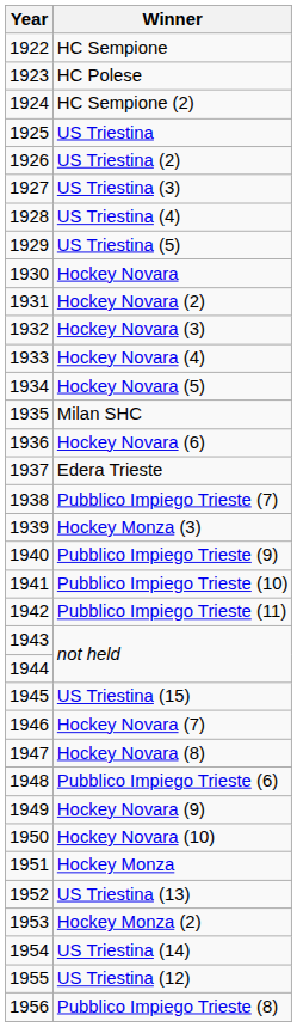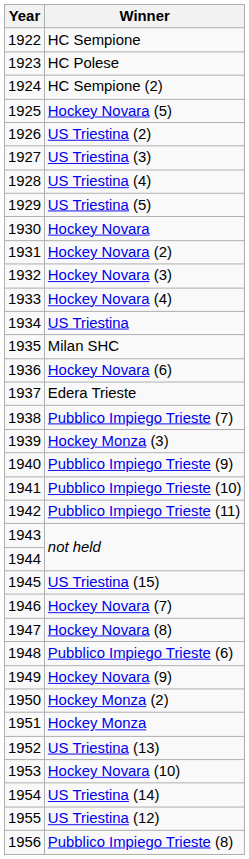 <table class="wikitable sortable">
 <tr>
 <th>Year</th>
 <th>Winner</th>
 </tr>
 <tr>
 <td>1922</td>
 <td>HC Sempione</td>
 </tr>
 <tr>
 <td>1923</td>
 <td>HC Polese</td>
 </tr>
 <tr>
 <td>1924</td>
 <td>HC Sempione (2)</td>
 </tr>
 <tr>
 <td>1925</td>
-<td><a href='#'>US Triestina</a></td>
+<td><a href='#'>Hockey Novara</a> (5)</td>
 </tr>
 <tr>
 <td>1926</td>
 <td><a href='#'>US Triestina</a> (2)</td>
 </tr>
 <tr>
 <td>1927</td>
 <td><a href='#'>US Triestina</a> (3)</td>
 </tr>
 <tr>
 <td>1928</td>
 <td><a href='#'>US Triestina</a> (4)</td>
 </tr>
 <tr>
 <td>1929</td>
 <td><a href='#'>US Triestina</a> (5)</td>
 </tr>
 <tr>
 <td>1930</td>
 <td><a href='#'>Hockey Novara</a></td>
 </tr>
 <tr>
 <td>1931</td>
 <td><a href='#'>Hockey Novara</a> (2)</td>
 </tr>
 <tr>
 <td>1932</td>
 <td><a href='#'>Hockey Novara</a> (3)</td>
 </tr>
 <tr>
 <td>1933</td>
 <td><a href='#'>Hockey Novara</a> (4)</td>
 </tr>
 <tr>
 <td>1934</td>
-<td><a href='#'>Hockey Novara</a> (5)</td>
+<td><a href='#'>US Triestina</a></td>
 </tr>
 <tr>
 <td>1935</td>
 <td>Milan SHC</td>
 </tr>
 <tr>
 <td>1936</td>
 <td><a href='#'>Hockey Novara</a> (6)</td>
 </tr>
 <tr>
 <td>1937</td>
 <td>Edera Trieste</td>
 </tr>
 <tr>
 <td>1938</td>
 <td><a href='#'>Pubblico Impiego Trieste</a> (7)</td>
 </tr>
 <tr>
 <td>1939</td>
 <td><a href='#'>Hockey Monza</a> (3)</td>
 </tr>
 <tr>
 <td>1940</td>
 <td><a href='#'>Pubblico Impiego Trieste</a> (9)</td>
 </tr>
 <tr>
 <td>1941</td>
 <td><a href='#'>Pubblico Impiego Trieste</a> (10)</td>
 </tr>
 <tr>
 <td>1942</td>
 <td><a href='#'>Pubblico Impiego Trieste</a> (11)</td>
 </tr>
 <tr>
 <td>1943</td>
 <td rowspan=2><em>not held</em></td>
 </tr>
 <tr>
 <td>1944</td>
 </tr>
 <tr>
 <td>1945</td>
 <td><a href='#'>US Triestina</a> (15)</td>
 </tr>
 <tr>
 <td>1946</td>
 <td><a href='#'>Hockey Novara</a> (7)</td>
 </tr>
 <tr>
 <td>1947</td>
 <td><a href='#'>Hockey Novara</a> (8)</td>
 </tr>
 <tr>
 <td>1948</td>
 <td><a href='#'>Pubblico Impiego Trieste</a> (6)</td>
 </tr>
 <tr>
 <td>1949</td>
 <td><a href='#'>Hockey Novara</a> (9)</td>
 </tr>
 <tr>
 <td>1950</td>
-<td><a href='#'>Hockey Novara</a> (10)</td>
+<td><a href='#'>Hockey Monza</a> (2)</td>
 </tr>
 <tr>
 <td>1951</td>
 <td><a href='#'>Hockey Monza</a></td>
 </tr>
 <tr>
 <td>1952</td>
 <td><a href='#'>US Triestina</a> (13)</td>
 </tr>
 <tr>
 <td>1953</td>
-<td><a href='#'>Hockey Monza</a> (2)</td>
+<td><a href='#'>Hockey Novara</a> (10)</td>
 </tr>
 <tr>
 <td>1954</td>
 <td><a href='#'>US Triestina</a> (14)</td>
 </tr>
 <tr>
 <td>1955</td>
 <td><a href='#'>US Triestina</a> (12)</td>
 </tr>
 <tr>
 <td>1956</td>
 <td><a href='#'>Pubblico Impiego Trieste</a> (8)</td>
 </tr>
 </table>
